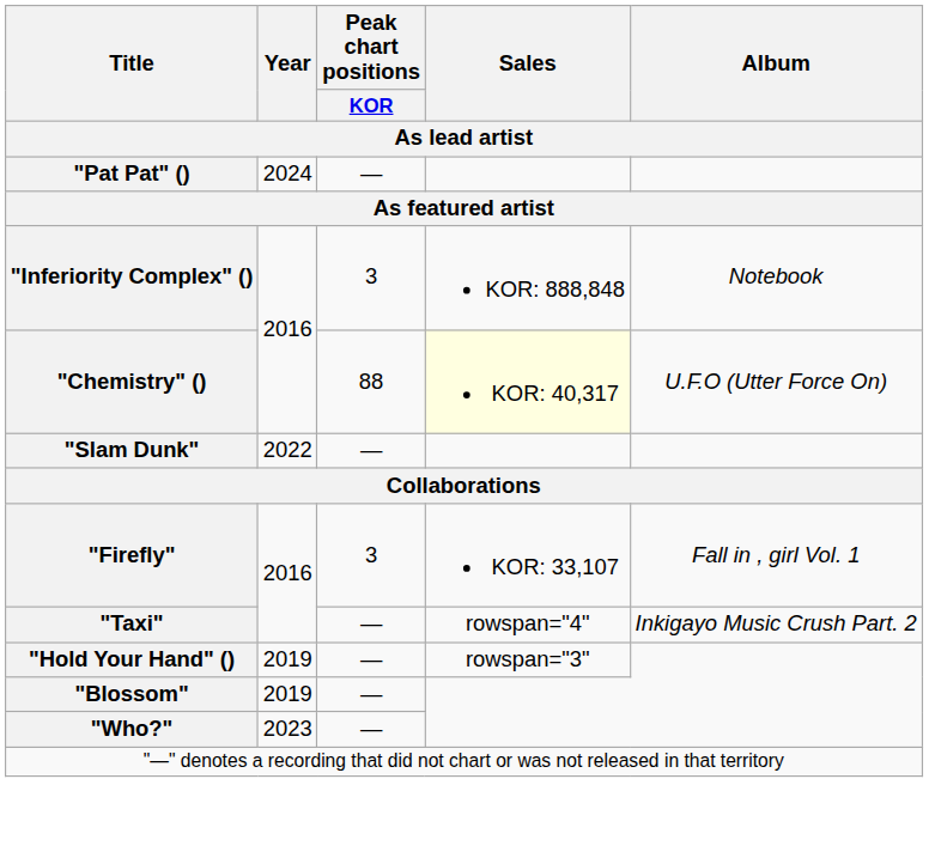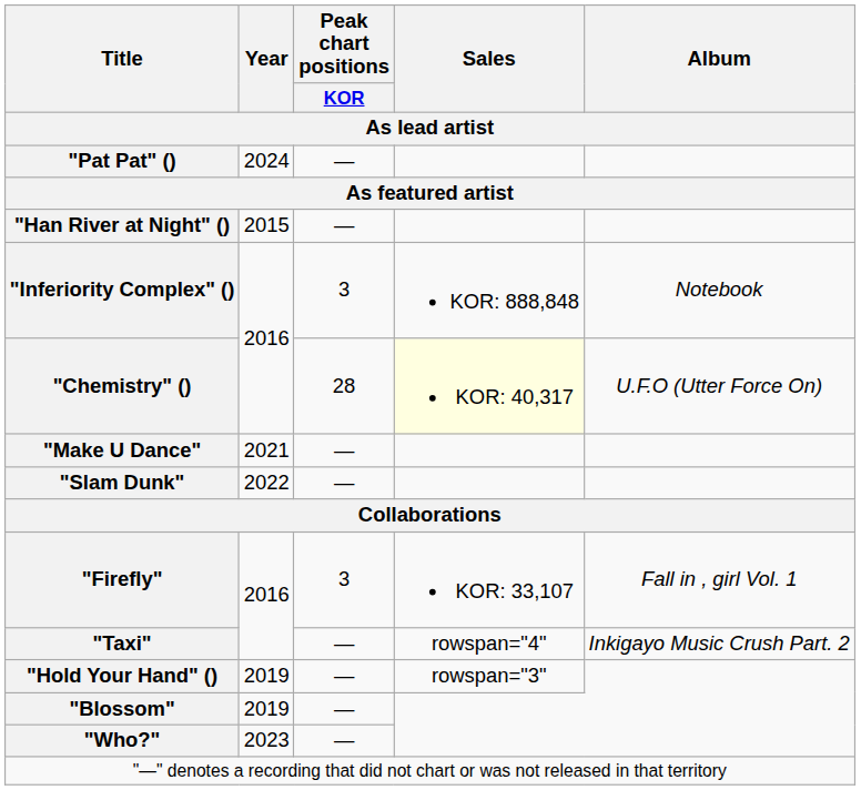 <table class="wikitable plainrowheaders" style="text-align:center">
 <tr>
 <th scope="col" rowspan="2">Title</th>
 <th scope="col" rowspan="2">Year</th>
 <th scope="col">Peak chart<br>positions</th>
 <th scope="col" rowspan="2">Sales</th>
 <th scope="col" rowspan="2">Album</th>
 </tr>
 <tr>
 <th scope="col" style="font-size:90%; width:2.5em"><a href='#'>KOR</a><br></th>
 </tr>
 <tr>
 <th scope="col" colspan="5">As lead artist</th>
 </tr>
 <tr>
 <th scope="row">"Pat Pat" ()</th>
 <td>2024</td>
 <td>—</td>
 <td></td>
 <td></td>
 </tr>
 <tr>
 <th scope="col" colspan="5">As featured artist</th>
 </tr>
 <tr>
+<th scope="row">"Han River at Night" ()<br></th>
+<td>2015</td>
+<td>—</td>
+<td></td>
+<td></td>
+</tr>
+<tr>
 <th scope="row">"Inferiority Complex" ()<br></th>
 <td rowspan="2">2016</td>
 <td>3</td>
 <td><br><ul><li>KOR: 888,848</li></ul></td>
 <td><em>Notebook</em></td>
 </tr>
 <tr>
 <th scope="row">"Chemistry" ()<br></th>
-<td>88</td>
+<td>28</td>
 <td style="background: lightyellow;"><br><ul><li>KOR: 40,317</li></ul></td>
 <td><em>U.F.O (Utter Force On)</em></td>
+</tr>
+<tr>
+<th scope="row">"Make U Dance"<br></th>
+<td>2021</td>
+<td>—</td>
+<td></td>
+<td></td>
 </tr>
 <tr>
 <th scope="row">"Slam Dunk"<br></th>
 <td>2022</td>
 <td>—</td>
 <td></td>
 <td></td>
 </tr>
 <tr>
 <th scope="col" colspan="5">Collaborations</th>
 </tr>
 <tr>
 <th scope="row">"Firefly"<br></th>
 <td rowspan="2">2016</td>
 <td>3</td>
 <td><br><ul><li>KOR: 33,107</li></ul></td>
 <td><em>Fall in , girl Vol. 1</em></td>
 </tr>
 <tr>
 <th scope="row">"Taxi"<br></th>
 <td>—</td>
 <td>rowspan="4" </td>
 <td><em>Inkigayo Music Crush Part. 2</em></td>
 </tr>
 <tr>
 <th scope="row">"Hold Your Hand" ()<br></th>
 <td>2019</td>
 <td>—</td>
 <td>rowspan="3" </td>
 </tr>
 <tr>
 <th scope="row">"Blossom"<br></th>
 <td>2019</td>
 <td>—</td>
 </tr>
 <tr>
 <th scope="row">"Who?"<br></th>
 <td>2023</td>
 <td>—</td>
 </tr>
 <tr>
 <td colspan="5" style="font-size:85%">"—" denotes a recording that did not chart or was not released in that territory</td>
 </tr>
 </table>
